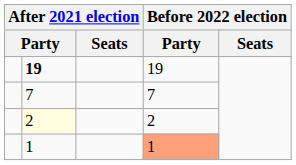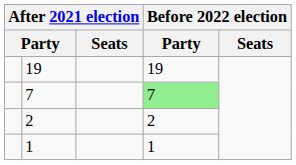 <table class="wikitable">
 <tr>
 <th colspan="3">After <a href='#'>2021 election</a></th>
 <th colspan="3">Before 2022 election</th>
 </tr>
 <tr>
 <th colspan="2">Party</th>
 <th>Seats</th>
 <th colspan="2">Party</th>
 <th>Seats</th>
 </tr>
 <tr>
 <td></td>
-<td><strong>19</strong></td>
+<td>19</td>
 <td></td>
 <td>19</td>
 </tr>
 <tr>
 <td></td>
 <td>7</td>
 <td></td>
-<td>7</td>
+<td style="background: lightgreen;">7</td>
 </tr>
 <tr>
 <td></td>
-<td style="background: lightyellow;">2</td>
+<td>2</td>
 <td></td>
 <td>2</td>
 </tr>
 <tr>
 <td></td>
 <td>1</td>
 <td></td>
-<td style="background: lightsalmon;">1</td>
+<td>1</td>
 </tr>
 </table>
